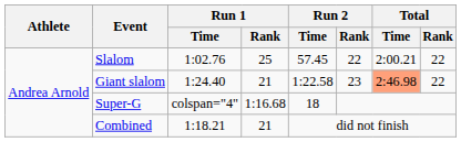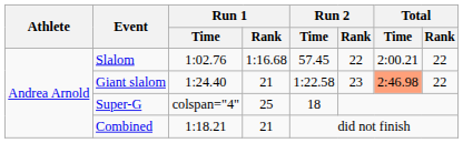 <table class="wikitable" style="font-size:90%">
 <tr>
 <th rowspan=2>Athlete</th>
 <th rowspan=2>Event</th>
 <th colspan=2>Run 1</th>
 <th colspan=2>Run 2</th>
 <th colspan=2>Total</th>
 </tr>
 <tr style="font-size:95%">
 <th>Time</th>
 <th>Rank</th>
 <th>Time</th>
 <th>Rank</th>
 <th>Time</th>
 <th>Rank</th>
 </tr>
 <tr align=center>
 <td align="left" rowspan="4"><a href='#'>Andrea Arnold</a></td>
 <td align="left"><a href='#'>Slalom</a></td>
 <td>1:02.76</td>
-<td>25</td>
+<td>1:16.68</td>
 <td>57.45</td>
 <td>22</td>
 <td>2:00.21</td>
 <td>22</td>
 </tr>
 <tr align=center>
 <td align="left"><a href='#'>Giant slalom</a></td>
 <td>1:24.40</td>
 <td>21</td>
 <td>1:22.58</td>
 <td>23</td>
 <td style="background: lightsalmon;">2:46.98</td>
 <td>22</td>
 </tr>
 <tr align=center>
 <td align="left"><a href='#'>Super-G</a></td>
 <td>colspan="4" </td>
-<td>1:16.68</td>
+<td>25</td>
 <td>18</td>
 </tr>
 <tr align=center>
 <td align="left"><a href='#'>Combined</a></td>
 <td>1:18.21</td>
 <td>21</td>
 <td colspan=4>did not finish</td>
 </tr>
 </table>
